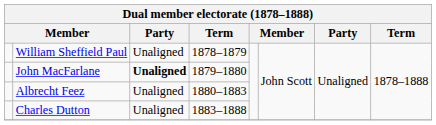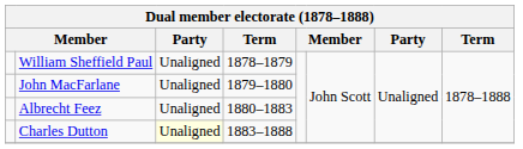 <table class="wikitable">
 <tr>
 <th colspan="8">Dual member electorate (1878–1888)</th>
 </tr>
 <tr>
 <th colspan="2">Member</th>
 <th>Party</th>
 <th>Term</th>
 <th colspan="2">Member</th>
 <th>Party</th>
 <th>Term</th>
 </tr>
 <tr>
 <td> </td>
 <td><a href='#'>William Sheffield Paul</a></td>
 <td>Unaligned</td>
 <td>1878–1879</td>
 <td rowspan="4"> </td>
 <td rowspan="4">John Scott</td>
 <td rowspan="4">Unaligned</td>
 <td rowspan="4">1878–1888</td>
 </tr>
 <tr>
 <td> </td>
 <td><a href='#'>John MacFarlane</a></td>
-<td><strong>Unaligned</strong></td>
+<td>Unaligned</td>
 <td>1879–1880</td>
 </tr>
 <tr>
 <td> </td>
 <td><a href='#'>Albrecht Feez</a></td>
 <td>Unaligned</td>
 <td>1880–1883</td>
 </tr>
 <tr>
 <td> </td>
 <td><a href='#'>Charles Dutton</a></td>
-<td>Unaligned</td>
+<td style="background: lightyellow;">Unaligned</td>
 <td>1883–1888</td>
 </tr>
 <tr>
 </tr>
 </table>
